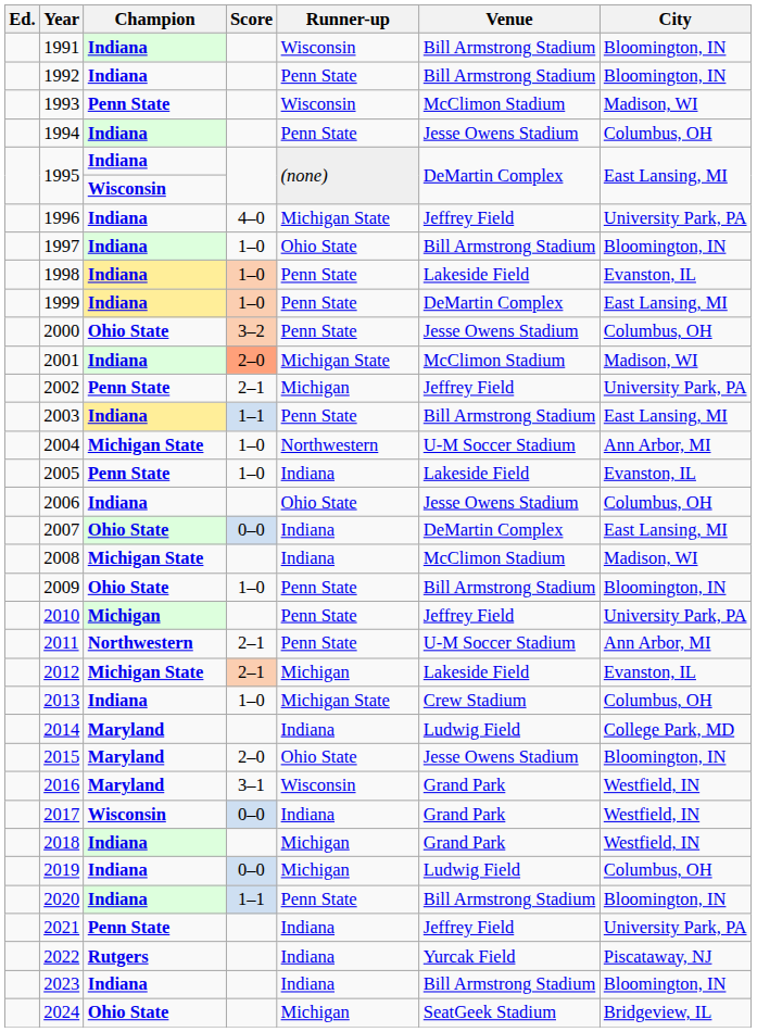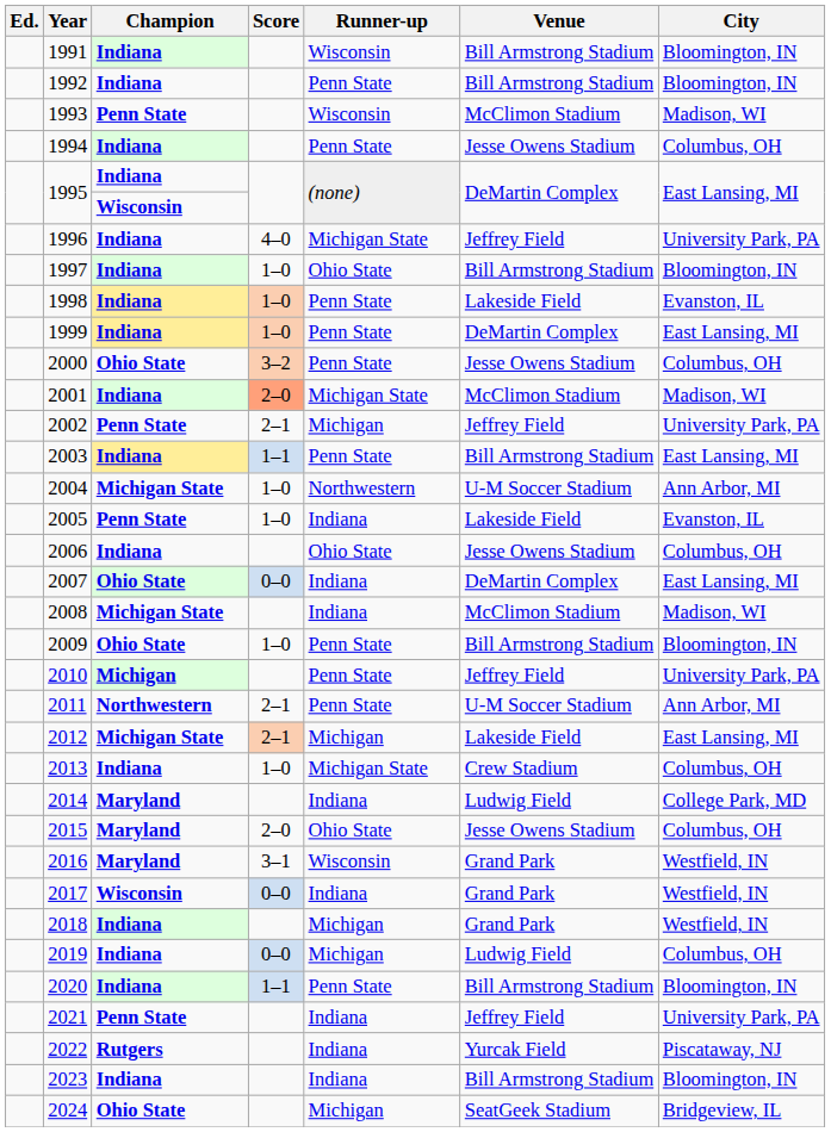 <table class="wikitable sortable">
 <tr>
 <th width=px>Ed.</th>
 <th width=px>Year</th>
 <th width=120px>Champion</th>
 <th width=px>Score</th>
 <th width=120px>Runner-up</th>
 <th width=px>Venue</th>
 <th width=px>City</th>
 </tr>
 <tr>
 <td></td>
 <td>1991</td>
 <td bgcolor="#ddffdd"><strong><a href='#'>Indiana</a></strong> </td>
 <td></td>
 <td><a href='#'>Wisconsin</a></td>
 <td><a href='#'>Bill Armstrong Stadium</a></td>
 <td><a href='#'>Bloomington, IN</a></td>
 </tr>
 <tr>
 <td></td>
 <td>1992</td>
 <td><strong><a href='#'>Indiana</a></strong> </td>
 <td></td>
 <td><a href='#'>Penn State</a></td>
 <td><a href='#'>Bill Armstrong Stadium</a></td>
 <td><a href='#'>Bloomington, IN</a></td>
 </tr>
 <tr>
 <td></td>
 <td>1993</td>
 <td><strong><a href='#'>Penn State</a></strong> </td>
 <td></td>
 <td><a href='#'>Wisconsin</a></td>
 <td><a href='#'>McClimon Stadium</a></td>
 <td><a href='#'>Madison, WI</a></td>
 </tr>
 <tr>
 <td></td>
 <td>1994</td>
 <td bgcolor="#ddffdd"><strong><a href='#'>Indiana</a></strong> </td>
 <td></td>
 <td><a href='#'>Penn State</a></td>
 <td><a href='#'>Jesse Owens Stadium</a></td>
 <td><a href='#'>Columbus, OH</a></td>
 </tr>
 <tr>
 <td rowspan=2></td>
 <td rowspan=2>1995</td>
 <td><strong><a href='#'>Indiana</a></strong> </td>
 <td rowspan=2></td>
 <td rowspan=2 style=background:#efefef><em>(none)</em></td>
 <td rowspan=2><a href='#'>DeMartin Complex</a></td>
 <td rowspan=2><a href='#'>East Lansing, MI</a></td>
 </tr>
 <tr>
 <td><strong><a href='#'>Wisconsin</a></strong> </td>
 </tr>
 <tr>
 <td></td>
 <td>1996</td>
 <td><strong><a href='#'>Indiana</a></strong> </td>
 <td align=center>4–0</td>
 <td><a href='#'>Michigan State</a></td>
 <td><a href='#'>Jeffrey Field</a></td>
 <td><a href='#'>University Park, PA</a></td>
 </tr>
 <tr>
 <td></td>
 <td>1997</td>
 <td bgcolor="#ddffdd"><strong><a href='#'>Indiana</a></strong> </td>
 <td align=center>1–0</td>
 <td><a href='#'>Ohio State</a></td>
 <td><a href='#'>Bill Armstrong Stadium</a></td>
 <td><a href='#'>Bloomington, IN</a></td>
 </tr>
 <tr>
 <td></td>
 <td>1998</td>
 <td bgcolor="#ffee99"><strong><a href='#'>Indiana</a></strong> </td>
 <td align=center style="background-color:#FBCEB1">1–0 </td>
 <td><a href='#'>Penn State</a></td>
 <td><a href='#'>Lakeside Field</a></td>
 <td><a href='#'>Evanston, IL</a></td>
 </tr>
 <tr>
 <td></td>
 <td>1999</td>
 <td bgcolor="#ffee99"><strong><a href='#'>Indiana</a></strong> </td>
 <td align=center style="background-color:#FBCEB1">1–0 </td>
 <td><a href='#'>Penn State</a></td>
 <td><a href='#'>DeMartin Complex</a></td>
 <td><a href='#'>East Lansing, MI</a></td>
 </tr>
 <tr>
 <td></td>
 <td>2000</td>
 <td><strong><a href='#'>Ohio State</a></strong></td>
 <td align=center style="background-color:#FBCEB1">3–2 </td>
 <td><a href='#'>Penn State</a></td>
 <td><a href='#'>Jesse Owens Stadium</a></td>
 <td><a href='#'>Columbus, OH</a></td>
 </tr>
 <tr>
 <td></td>
 <td>2001</td>
 <td bgcolor="#ddffdd"><strong><a href='#'>Indiana</a></strong> </td>
 <td align=center style="background: lightsalmon;">2–0</td>
 <td><a href='#'>Michigan State</a></td>
 <td><a href='#'>McClimon Stadium</a></td>
 <td><a href='#'>Madison, WI</a></td>
 </tr>
 <tr>
 <td></td>
 <td>2002</td>
 <td><strong><a href='#'>Penn State</a></strong> </td>
 <td align=center>2–1</td>
 <td><a href='#'>Michigan</a></td>
 <td><a href='#'>Jeffrey Field</a></td>
 <td><a href='#'>University Park, PA</a></td>
 </tr>
 <tr>
 <td></td>
 <td>2003</td>
 <td bgcolor="#ffee99"><strong><a href='#'>Indiana</a></strong> </td>
 <td align=center style="background-color:#cedff2">1–1 </td>
 <td><a href='#'>Penn State</a></td>
 <td><a href='#'>Bill Armstrong Stadium</a></td>
 <td><a href='#'>East Lansing, MI</a></td>
 </tr>
 <tr>
 <td></td>
 <td>2004</td>
 <td><strong><a href='#'>Michigan State</a></strong> </td>
 <td align=center>1–0</td>
 <td><a href='#'>Northwestern</a></td>
 <td><a href='#'>U-M Soccer Stadium</a></td>
 <td><a href='#'>Ann Arbor, MI</a></td>
 </tr>
 <tr>
 <td></td>
 <td>2005</td>
 <td><strong><a href='#'>Penn State</a></strong> </td>
 <td align=center>1–0</td>
 <td><a href='#'>Indiana</a></td>
 <td><a href='#'>Lakeside Field</a></td>
 <td><a href='#'>Evanston, IL</a></td>
 </tr>
 <tr>
 <td></td>
 <td>2006</td>
 <td><strong><a href='#'>Indiana</a></strong> </td>
 <td></td>
 <td><a href='#'>Ohio State</a></td>
 <td><a href='#'>Jesse Owens Stadium</a></td>
 <td><a href='#'>Columbus, OH</a></td>
 </tr>
 <tr>
 <td></td>
 <td>2007</td>
 <td bgcolor="#ddffdd"><strong><a href='#'>Ohio State</a></strong> </td>
 <td align=center style="background-color:#cedff2">0–0 </td>
 <td><a href='#'>Indiana</a></td>
 <td><a href='#'>DeMartin Complex</a></td>
 <td><a href='#'>East Lansing, MI</a></td>
 </tr>
 <tr>
 <td></td>
 <td>2008</td>
 <td><strong><a href='#'>Michigan State</a></strong> </td>
 <td></td>
 <td><a href='#'>Indiana</a></td>
 <td><a href='#'>McClimon Stadium</a></td>
 <td><a href='#'>Madison, WI</a></td>
 </tr>
 <tr>
 <td></td>
 <td>2009</td>
 <td><strong><a href='#'>Ohio State</a></strong> </td>
 <td align=center>1–0</td>
 <td><a href='#'>Penn State</a></td>
 <td><a href='#'>Bill Armstrong Stadium</a></td>
 <td><a href='#'>Bloomington, IN</a></td>
 </tr>
 <tr>
 <td></td>
 <td><a href='#'>2010</a></td>
 <td bgcolor="#ddffdd"><strong><a href='#'>Michigan</a></strong></td>
 <td></td>
 <td><a href='#'>Penn State</a></td>
 <td><a href='#'>Jeffrey Field</a></td>
 <td><a href='#'>University Park, PA</a></td>
 </tr>
 <tr>
 <td></td>
 <td><a href='#'>2011</a></td>
 <td><strong><a href='#'>Northwestern</a></strong> </td>
 <td align=center>2–1</td>
 <td><a href='#'>Penn State</a></td>
 <td><a href='#'>U-M Soccer Stadium</a></td>
 <td><a href='#'>Ann Arbor, MI</a></td>
 </tr>
 <tr>
 <td></td>
 <td><a href='#'>2012</a></td>
 <td><strong><a href='#'>Michigan State</a></strong> </td>
 <td align=center style="background-color:#FBCEB1">2–1 </td>
 <td><a href='#'>Michigan</a></td>
 <td><a href='#'>Lakeside Field</a></td>
-<td><a href='#'>Evanston, IL</a></td>
+<td><a href='#'>East Lansing, MI</a></td>
 </tr>
 <tr>
 <td></td>
 <td><a href='#'>2013</a></td>
 <td><strong><a href='#'>Indiana</a></strong> </td>
 <td align=center>1–0</td>
 <td><a href='#'>Michigan State</a></td>
 <td><a href='#'>Crew Stadium</a></td>
 <td><a href='#'>Columbus, OH</a></td>
 </tr>
 <tr>
 <td></td>
 <td><a href='#'>2014</a></td>
 <td><strong><a href='#'>Maryland</a></strong> </td>
 <td></td>
 <td><a href='#'>Indiana</a></td>
 <td><a href='#'>Ludwig Field</a></td>
 <td><a href='#'>College Park, MD</a></td>
 </tr>
 <tr>
 <td></td>
 <td><a href='#'>2015</a></td>
 <td><strong><a href='#'>Maryland</a></strong> </td>
 <td align=center>2–0</td>
 <td><a href='#'>Ohio State</a></td>
 <td><a href='#'>Jesse Owens Stadium</a></td>
-<td><a href='#'>Bloomington, IN</a></td>
+<td><a href='#'>Columbus, OH</a></td>
 </tr>
 <tr>
 <td></td>
 <td><a href='#'>2016</a></td>
 <td><strong><a href='#'>Maryland</a></strong> </td>
 <td align=center>3–1</td>
 <td><a href='#'>Wisconsin</a></td>
 <td><a href='#'>Grand Park</a></td>
 <td><a href='#'>Westfield, IN</a></td>
 </tr>
 <tr>
 <td></td>
 <td><a href='#'>2017</a></td>
 <td><strong><a href='#'>Wisconsin</a></strong> </td>
 <td align=center style="background-color:#cedff2">0–0 </td>
 <td><a href='#'>Indiana</a></td>
 <td><a href='#'>Grand Park</a></td>
 <td><a href='#'>Westfield, IN</a></td>
 </tr>
 <tr>
 <td></td>
 <td><a href='#'>2018</a></td>
 <td bgcolor="#ddffdd"><strong><a href='#'>Indiana</a></strong> </td>
 <td></td>
 <td><a href='#'>Michigan</a></td>
 <td><a href='#'>Grand Park</a></td>
 <td><a href='#'>Westfield, IN</a></td>
 </tr>
 <tr>
 <td></td>
 <td><a href='#'>2019</a></td>
 <td><strong><a href='#'>Indiana</a></strong> </td>
 <td align=center style="background-color:#cedff2">0–0 </td>
 <td><a href='#'>Michigan</a></td>
 <td><a href='#'>Ludwig Field</a></td>
 <td><a href='#'>Columbus, OH</a></td>
 </tr>
 <tr>
 <td></td>
 <td><a href='#'>2020</a></td>
 <td bgcolor="#ddffdd"><strong><a href='#'>Indiana</a></strong> </td>
 <td align=center style="background-color:#cedff2">1–1 </td>
 <td><a href='#'>Penn State</a></td>
 <td><a href='#'>Bill Armstrong Stadium</a></td>
 <td><a href='#'>Bloomington, IN</a></td>
 </tr>
 <tr>
 <td></td>
 <td><a href='#'>2021</a></td>
 <td><strong><a href='#'>Penn State</a></strong> </td>
 <td></td>
 <td><a href='#'>Indiana</a></td>
 <td><a href='#'>Jeffrey Field</a></td>
 <td><a href='#'>University Park, PA</a></td>
 </tr>
 <tr>
 <td></td>
 <td><a href='#'>2022</a></td>
 <td><strong><a href='#'>Rutgers</a></strong> </td>
 <td></td>
 <td><a href='#'>Indiana</a></td>
 <td><a href='#'>Yurcak Field</a></td>
 <td><a href='#'>Piscataway, NJ</a></td>
 </tr>
 <tr>
 <td></td>
 <td><a href='#'>2023</a></td>
 <td><strong><a href='#'>Indiana</a></strong> </td>
 <td></td>
 <td><a href='#'>Indiana</a></td>
 <td><a href='#'>Bill Armstrong Stadium</a></td>
 <td><a href='#'>Bloomington, IN</a></td>
 </tr>
 <tr>
 <td></td>
 <td><a href='#'>2024</a></td>
 <td><strong><a href='#'>Ohio State</a></strong> </td>
 <td></td>
 <td><a href='#'>Michigan</a></td>
 <td><a href='#'>SeatGeek Stadium</a></td>
 <td><a href='#'>Bridgeview, IL</a></td>
 </tr>
 </table>
